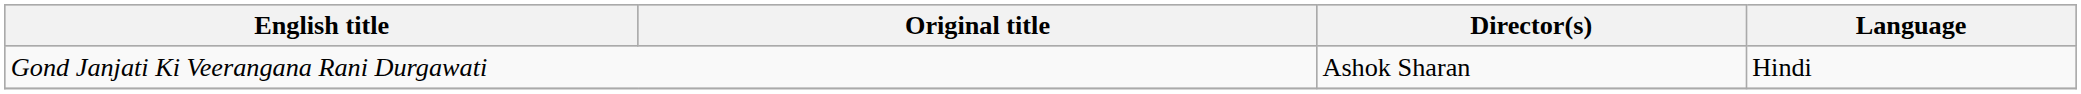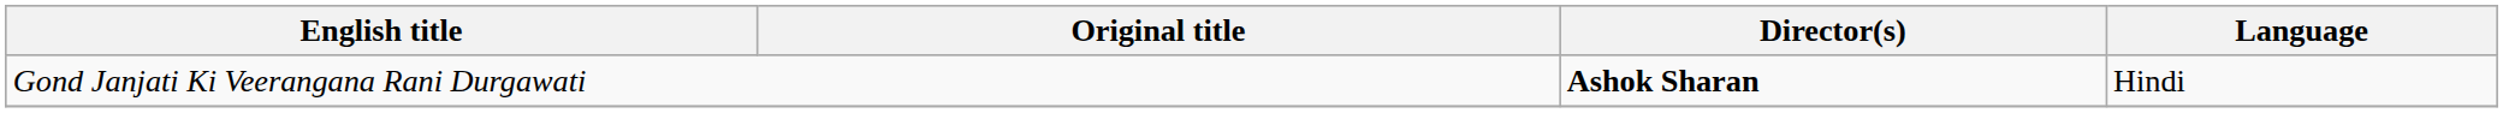 <table class="sortable wikitable" style="width:100%; margin-bottom:4px" cellpadding="5">
 <tr>
 <th scope="col">English title</th>
 <th scope="col">Original title</th>
 <th scope="col">Director(s)</th>
 <th scope="col">Language</th>
 </tr>
 <tr>
 <td colspan=2><em>Gond Janjati Ki Veerangana Rani Durgawati</em></td>
-<td>Ashok Sharan</td>
+<td><strong>Ashok Sharan</strong></td>
 <td>Hindi</td>
 </tr>
 <tr>
 </tr>
 </table>
